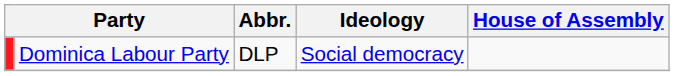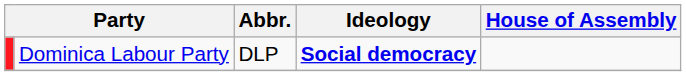 <table class="wikitable">
 <tr>
 <th scope="col" colspan="2">Party</th>
 <th>Abbr.</th>
 <th>Ideology</th>
 <th><a href='#'>House of Assembly</a></th>
 </tr>
 <tr>
 <th style="background-color: #FF161F"></th>
 <td><a href='#'>Dominica Labour Party</a></td>
 <td>DLP</td>
-<td><a href='#'>Social democracy</a></td>
+<td><strong><a href='#'>Social democracy</a></strong></td>
 <td></td>
 </tr>
 <tr>
 </tr>
 </table>
